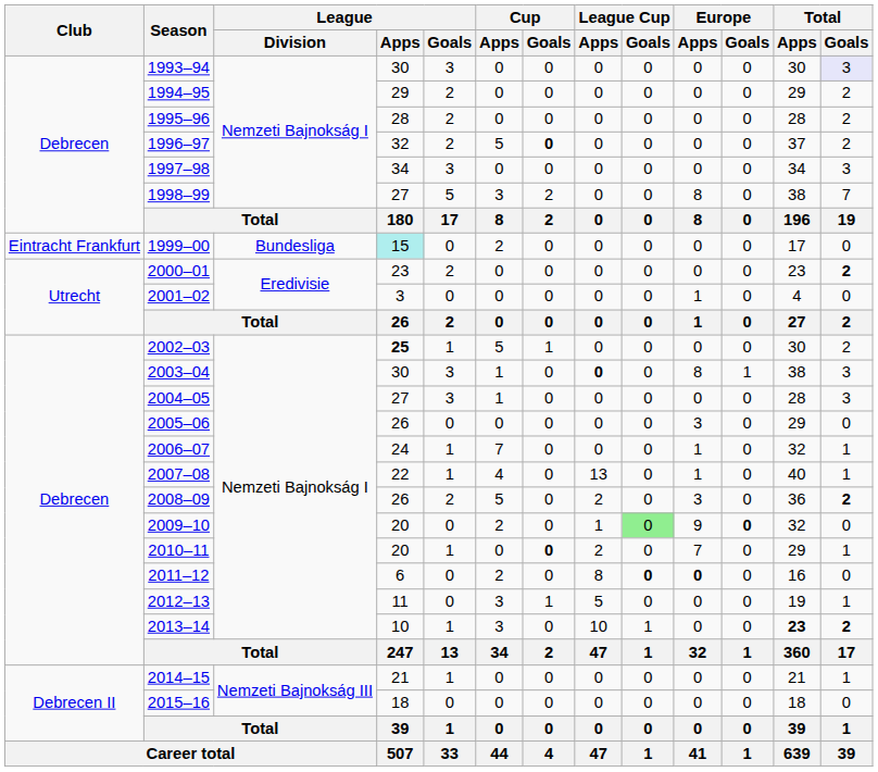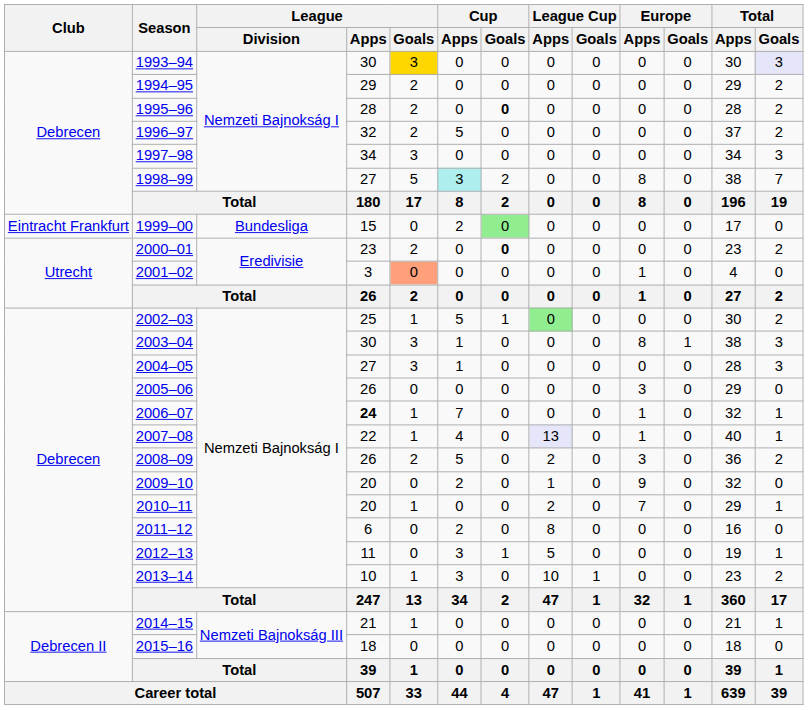 <table class="wikitable" style="text-align:center">
 <tr>
 <th rowspan="2">Club</th>
 <th rowspan="2">Season</th>
 <th colspan="3">League</th>
 <th colspan="2">Cup</th>
 <th colspan="2">League Cup</th>
 <th colspan="2">Europe</th>
 <th colspan="2">Total</th>
 </tr>
 <tr>
 <th>Division</th>
 <th>Apps</th>
 <th>Goals</th>
 <th>Apps</th>
 <th>Goals</th>
 <th>Apps</th>
 <th>Goals</th>
 <th>Apps</th>
 <th>Goals</th>
 <th>Apps</th>
 <th>Goals</th>
 </tr>
 <tr>
 <td rowspan="7"><a href='#'>Debrecen</a></td>
 <td><a href='#'>1993–94</a></td>
 <td rowspan="6"><a href='#'>Nemzeti Bajnokság I</a></td>
 <td>30</td>
-<td>3</td>
+<td style="background: gold;">3</td>
 <td>0</td>
 <td>0</td>
 <td>0</td>
 <td>0</td>
 <td>0</td>
 <td>0</td>
 <td>30</td>
 <td style="background: lavender;">3</td>
 </tr>
 <tr>
 <td><a href='#'>1994–95</a></td>
 <td>29</td>
 <td>2</td>
 <td>0</td>
 <td>0</td>
 <td>0</td>
 <td>0</td>
 <td>0</td>
 <td>0</td>
 <td>29</td>
 <td>2</td>
 </tr>
 <tr>
 <td><a href='#'>1995–96</a></td>
 <td>28</td>
 <td>2</td>
 <td>0</td>
-<td>0</td>
+<td><strong>0</strong></td>
 <td>0</td>
 <td>0</td>
 <td>0</td>
 <td>0</td>
 <td>28</td>
 <td>2</td>
 </tr>
 <tr>
 <td><a href='#'>1996–97</a></td>
 <td>32</td>
 <td>2</td>
 <td>5</td>
-<td><strong>0</strong></td>
+<td>0</td>
 <td>0</td>
 <td>0</td>
 <td>0</td>
 <td>0</td>
 <td>37</td>
 <td>2</td>
 </tr>
 <tr>
 <td><a href='#'>1997–98</a></td>
 <td>34</td>
 <td>3</td>
 <td>0</td>
 <td>0</td>
 <td>0</td>
 <td>0</td>
 <td>0</td>
 <td>0</td>
 <td>34</td>
 <td>3</td>
 </tr>
 <tr>
 <td><a href='#'>1998–99</a></td>
 <td>27</td>
 <td>5</td>
-<td>3</td>
+<td style="background: paleturquoise;">3</td>
 <td>2</td>
 <td>0</td>
 <td>0</td>
 <td>8</td>
 <td>0</td>
 <td>38</td>
 <td>7</td>
 </tr>
 <tr>
 <th colspan="2">Total</th>
 <th>180</th>
 <th>17</th>
 <th>8</th>
 <th>2</th>
 <th>0</th>
 <th>0</th>
 <th>8</th>
 <th>0</th>
 <th>196</th>
 <th>19</th>
 </tr>
 <tr>
 <td><a href='#'>Eintracht Frankfurt</a></td>
 <td><a href='#'>1999–00</a></td>
 <td><a href='#'>Bundesliga</a></td>
-<td style="background: paleturquoise;">15</td>
+<td>15</td>
 <td>0</td>
 <td>2</td>
-<td>0</td>
+<td style="background: lightgreen;">0</td>
 <td>0</td>
 <td>0</td>
 <td>0</td>
 <td>0</td>
 <td>17</td>
 <td>0</td>
 </tr>
 <tr>
 <td rowspan="3"><a href='#'>Utrecht</a></td>
 <td><a href='#'>2000–01</a></td>
 <td rowspan="2"><a href='#'>Eredivisie</a></td>
 <td>23</td>
 <td>2</td>
 <td>0</td>
-<td>0</td>
+<td><strong>0</strong></td>
 <td>0</td>
 <td>0</td>
 <td>0</td>
 <td>0</td>
 <td>23</td>
-<td><strong>2</strong></td>
+<td>2</td>
 </tr>
 <tr>
 <td><a href='#'>2001–02</a></td>
 <td>3</td>
-<td>0</td>
+<td style="background: lightsalmon;">0</td>
 <td>0</td>
 <td>0</td>
 <td>0</td>
 <td>0</td>
 <td>1</td>
 <td>0</td>
 <td>4</td>
 <td>0</td>
 </tr>
 <tr>
 <th colspan="2">Total</th>
 <th>26</th>
 <th>2</th>
 <th>0</th>
 <th>0</th>
 <th>0</th>
 <th>0</th>
 <th>1</th>
 <th>0</th>
 <th>27</th>
 <th>2</th>
 </tr>
 <tr>
 <td rowspan="13"><a href='#'>Debrecen</a></td>
 <td><a href='#'>2002–03</a></td>
 <td rowspan="12">Nemzeti Bajnokság I</td>
-<td><strong>25</strong></td>
+<td>25</td>
 <td>1</td>
 <td>5</td>
 <td>1</td>
-<td>0</td>
+<td style="background: lightgreen;">0</td>
 <td>0</td>
 <td>0</td>
 <td>0</td>
 <td>30</td>
 <td>2</td>
 </tr>
 <tr>
 <td><a href='#'>2003–04</a></td>
 <td>30</td>
 <td>3</td>
 <td>1</td>
 <td>0</td>
-<td><strong>0</strong></td>
+<td>0</td>
 <td>0</td>
 <td>8</td>
 <td>1</td>
 <td>38</td>
 <td>3</td>
 </tr>
 <tr>
 <td><a href='#'>2004–05</a></td>
 <td>27</td>
 <td>3</td>
 <td>1</td>
 <td>0</td>
 <td>0</td>
 <td>0</td>
 <td>0</td>
 <td>0</td>
 <td>28</td>
 <td>3</td>
 </tr>
 <tr>
 <td><a href='#'>2005–06</a></td>
 <td>26</td>
 <td>0</td>
 <td>0</td>
 <td>0</td>
 <td>0</td>
 <td>0</td>
 <td>3</td>
 <td>0</td>
 <td>29</td>
 <td>0</td>
 </tr>
 <tr>
 <td><a href='#'>2006–07</a></td>
-<td>24</td>
+<td><strong>24</strong></td>
 <td>1</td>
 <td>7</td>
 <td>0</td>
 <td>0</td>
 <td>0</td>
 <td>1</td>
 <td>0</td>
 <td>32</td>
 <td>1</td>
 </tr>
 <tr>
 <td><a href='#'>2007–08</a></td>
 <td>22</td>
 <td>1</td>
 <td>4</td>
 <td>0</td>
-<td>13</td>
+<td style="background: lavender;">13</td>
 <td>0</td>
 <td>1</td>
 <td>0</td>
 <td>40</td>
 <td>1</td>
 </tr>
 <tr>
 <td><a href='#'>2008–09</a></td>
 <td>26</td>
 <td>2</td>
 <td>5</td>
 <td>0</td>
 <td>2</td>
 <td>0</td>
 <td>3</td>
 <td>0</td>
 <td>36</td>
-<td><strong>2</strong></td>
+<td>2</td>
 </tr>
 <tr>
 <td><a href='#'>2009–10</a></td>
 <td>20</td>
 <td>0</td>
 <td>2</td>
 <td>0</td>
 <td>1</td>
-<td style="background: lightgreen;">0</td>
+<td>0</td>
 <td>9</td>
-<td><strong>0</strong></td>
+<td>0</td>
 <td>32</td>
 <td>0</td>
 </tr>
 <tr>
 <td><a href='#'>2010–11</a></td>
 <td>20</td>
 <td>1</td>
 <td>0</td>
-<td><strong>0</strong></td>
+<td>0</td>
 <td>2</td>
 <td>0</td>
 <td>7</td>
 <td>0</td>
 <td>29</td>
 <td>1</td>
 </tr>
 <tr>
 <td><a href='#'>2011–12</a></td>
 <td>6</td>
 <td>0</td>
 <td>2</td>
 <td>0</td>
 <td>8</td>
-<td><strong>0</strong></td>
-<td><strong>0</strong></td>
+<td>0</td>
+<td>0</td>
 <td>0</td>
 <td>16</td>
 <td>0</td>
 </tr>
 <tr>
 <td><a href='#'>2012–13</a></td>
 <td>11</td>
 <td>0</td>
 <td>3</td>
 <td>1</td>
 <td>5</td>
 <td>0</td>
 <td>0</td>
 <td>0</td>
 <td>19</td>
 <td>1</td>
 </tr>
 <tr>
 <td><a href='#'>2013–14</a></td>
 <td>10</td>
 <td>1</td>
 <td>3</td>
 <td>0</td>
 <td>10</td>
 <td>1</td>
 <td>0</td>
 <td>0</td>
-<td><strong>23</strong></td>
-<td><strong>2</strong></td>
+<td>23</td>
+<td>2</td>
 </tr>
 <tr>
 <th colspan="2">Total</th>
 <th>247</th>
 <th>13</th>
 <th>34</th>
 <th>2</th>
 <th>47</th>
 <th>1</th>
 <th>32</th>
 <th>1</th>
 <th>360</th>
 <th>17</th>
 </tr>
 <tr>
 <td rowspan="3"><a href='#'>Debrecen II</a></td>
 <td><a href='#'>2014–15</a></td>
 <td rowspan="2"><a href='#'>Nemzeti Bajnokság III</a></td>
 <td>21</td>
 <td>1</td>
 <td>0</td>
 <td>0</td>
 <td>0</td>
 <td>0</td>
 <td>0</td>
 <td>0</td>
 <td>21</td>
 <td>1</td>
 </tr>
 <tr>
 <td><a href='#'>2015–16</a></td>
 <td>18</td>
 <td>0</td>
 <td>0</td>
 <td>0</td>
 <td>0</td>
 <td>0</td>
 <td>0</td>
 <td>0</td>
 <td>18</td>
 <td>0</td>
 </tr>
 <tr>
 <th colspan="2">Total</th>
 <th>39</th>
 <th>1</th>
 <th>0</th>
 <th>0</th>
 <th>0</th>
 <th>0</th>
 <th>0</th>
 <th>0</th>
 <th>39</th>
 <th>1</th>
 </tr>
 <tr>
 <th colspan="3">Career total</th>
 <th>507</th>
 <th>33</th>
 <th>44</th>
 <th>4</th>
 <th>47</th>
 <th>1</th>
 <th>41</th>
 <th>1</th>
 <th>639</th>
 <th>39</th>
 </tr>
 </table>
